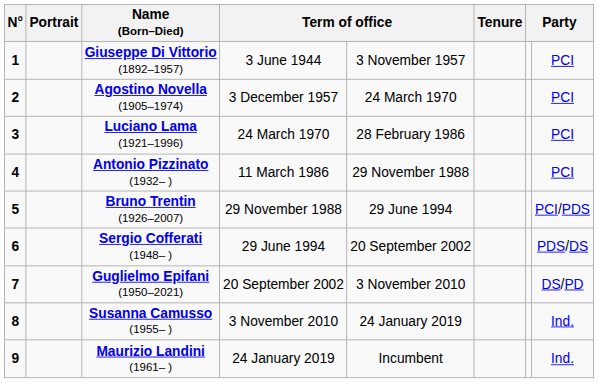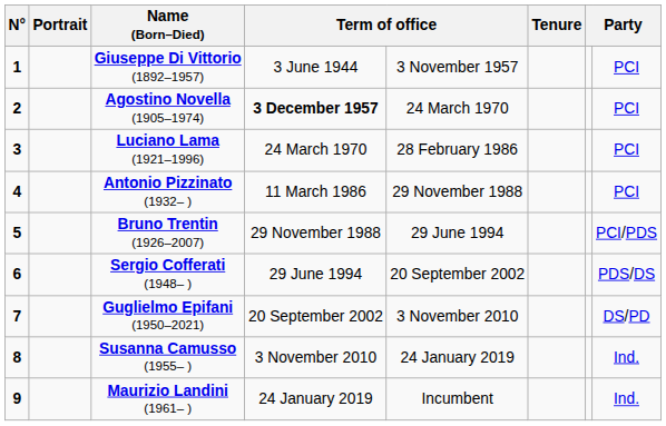 <table class=wikitable style=text-align:center>
 <tr>
 <th>N°</th>
 <th>Portrait</th>
 <th>Name<br><small>(Born–Died)</small></th>
 <th colspan=2>Term of office</th>
 <th>Tenure<br></th>
 <th colspan="2">Party</th>
 </tr>
 <tr>
 <td><strong>1</strong></td>
 <td></td>
 <td><strong><a href='#'>Giuseppe Di Vittorio</a></strong><br><small>(1892–1957)</small></td>
 <td>3 June 1944</td>
 <td>3 November 1957</td>
 <td></td>
 <td></td>
 <td><a href='#'>PCI</a></td>
 </tr>
 <tr>
 <td><strong>2</strong></td>
 <td></td>
 <td><strong><a href='#'>Agostino Novella</a></strong><br><small>(1905–1974)</small></td>
-<td>3 December 1957</td>
+<td><strong>3 December 1957</strong></td>
 <td>24 March 1970</td>
 <td></td>
 <td></td>
 <td><a href='#'>PCI</a></td>
 </tr>
 <tr>
 <td><strong>3</strong></td>
 <td></td>
 <td><strong><a href='#'>Luciano Lama</a></strong><br><small>(1921–1996)</small></td>
 <td>24 March 1970</td>
 <td>28 February 1986</td>
 <td></td>
 <td></td>
 <td><a href='#'>PCI</a></td>
 </tr>
 <tr>
 <td><strong>4</strong></td>
 <td></td>
 <td><strong><a href='#'>Antonio Pizzinato</a></strong><br><small>(1932– )</small></td>
 <td>11 March 1986</td>
 <td>29 November 1988</td>
 <td></td>
 <td></td>
 <td><a href='#'>PCI</a></td>
 </tr>
 <tr>
 <td><strong>5</strong></td>
 <td></td>
 <td><strong><a href='#'>Bruno Trentin</a></strong><br><small>(1926–2007)</small></td>
 <td>29 November 1988</td>
 <td>29 June 1994</td>
 <td></td>
 <td></td>
 <td><a href='#'>PCI</a>/<a href='#'>PDS</a></td>
 </tr>
 <tr>
 <td><strong>6</strong></td>
 <td></td>
 <td><strong><a href='#'>Sergio Cofferati</a></strong><br><small>(1948– )</small></td>
 <td>29 June 1994</td>
 <td>20 September 2002</td>
 <td></td>
 <td></td>
 <td><a href='#'>PDS</a>/<a href='#'>DS</a></td>
 </tr>
 <tr>
 <td><strong>7</strong></td>
 <td></td>
 <td><strong><a href='#'>Guglielmo Epifani</a></strong><br><small>(1950–2021)</small></td>
 <td>20 September 2002</td>
 <td>3 November 2010</td>
 <td></td>
 <td></td>
 <td><a href='#'>DS</a>/<a href='#'>PD</a></td>
 </tr>
 <tr>
 <td><strong>8</strong></td>
 <td></td>
 <td><strong><a href='#'>Susanna Camusso</a></strong><br><small>(1955– )</small></td>
 <td>3 November 2010</td>
 <td>24 January 2019</td>
 <td></td>
 <td></td>
 <td><a href='#'>Ind.</a></td>
 </tr>
 <tr>
 <td><strong>9</strong></td>
 <td></td>
 <td><strong><a href='#'>Maurizio Landini</a></strong><br><small>(1961– )</small></td>
 <td>24 January 2019</td>
 <td>Incumbent</td>
 <td></td>
 <td></td>
 <td><a href='#'>Ind.</a></td>
 </tr>
 </table>
